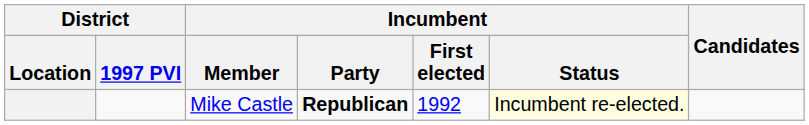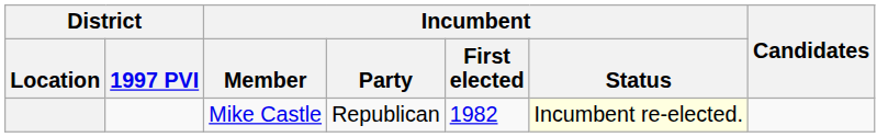 <table class="wikitable sortable">
 <tr>
 <th colspan=2>District</th>
 <th colspan=4>Incumbent</th>
 <th rowspan=2 class="unsortable">Candidates</th>
 </tr>
 <tr valign=bottom>
 <th>Location</th>
 <th><a href='#'>1997 PVI</a></th>
 <th>Member</th>
 <th>Party</th>
 <th>First<br>elected</th>
 <th>Status</th>
 </tr>
 <tr>
 <th></th>
 <td></td>
 <td><a href='#'>Mike Castle</a></td>
-<td><strong>Republican</strong></td>
-<td><a href='#'>1992</a></td>
+<td>Republican</td>
+<td><a href='#'>1982</a></td>
 <td style="background: lightyellow;">Incumbent re-elected.</td>
 <td nowrap></td>
 </tr>
 </table>
